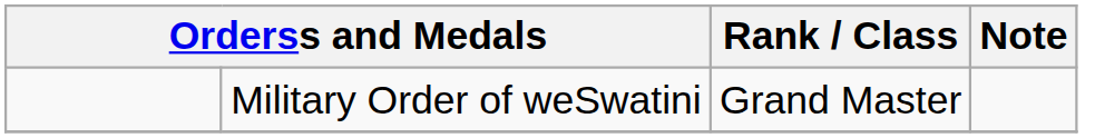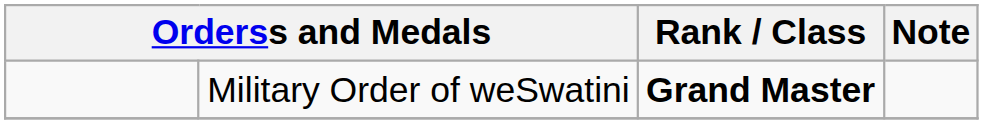 <table class="wikitable" style="text-align:left;">
 <tr ->
 <th colspan=2><a href='#'>Orders</a>s and Medals</th>
 <th>Rank / Class</th>
 <th>Note</th>
 </tr>
 <tr>
 <td width="80px"></td>
 <td>Military Order of weSwatini</td>
-<td align="center">Grand Master</td>
+<td align="center"><strong>Grand Master</strong></td>
 <td></td>
 </tr>
 <tr>
 </tr>
 </table>
